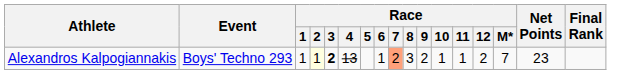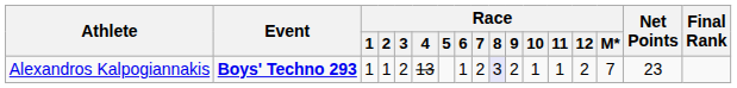 <table class="wikitable" style="font-size:90%">
 <tr>
 <th rowspan="2">Athlete</th>
 <th rowspan="2">Event</th>
 <th colspan=13>Race</th>
 <th rowspan=2>Net<br>Points</th>
 <th rowspan=2>Final <br>Rank</th>
 </tr>
 <tr style="font-size:95%">
 <th>1</th>
 <th>2</th>
 <th>3</th>
 <th>4</th>
 <th>5</th>
 <th>6</th>
 <th>7</th>
 <th>8</th>
 <th>9</th>
 <th>10</th>
 <th>11</th>
 <th>12</th>
 <th>M*</th>
 </tr>
 <tr align=center>
 <td align=left><a href='#'>Alexandros Kalpogiannakis</a></td>
-<td align=left><a href='#'>Boys' Techno 293</a></td>
+<td align=left><strong><a href='#'>Boys' Techno 293</a></strong></td>
 <td>1</td>
-<td style="background: lightyellow;">1</td>
-<td><strong>2</strong></td>
+<td>1</td>
+<td>2</td>
 <td><s>13</s></td>
 <td></td>
 <td>1</td>
-<td style="background: lightsalmon;">2</td>
-<td>3</td>
+<td>2</td>
+<td style="background: lavender;">3</td>
 <td>2</td>
 <td>1</td>
 <td>1</td>
 <td>2</td>
 <td>7</td>
 <td>23</td>
 <td></td>
 </tr>
 </table>
